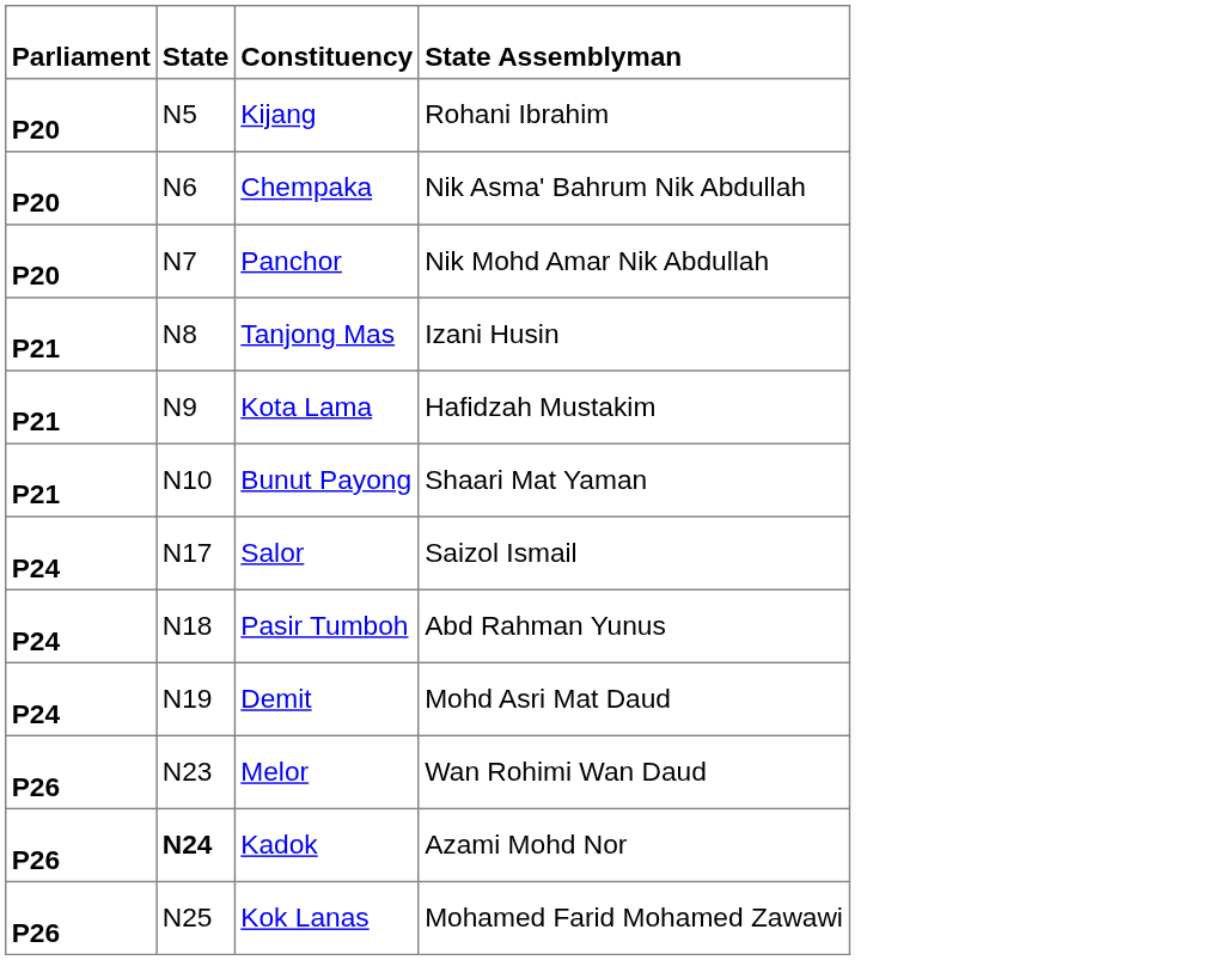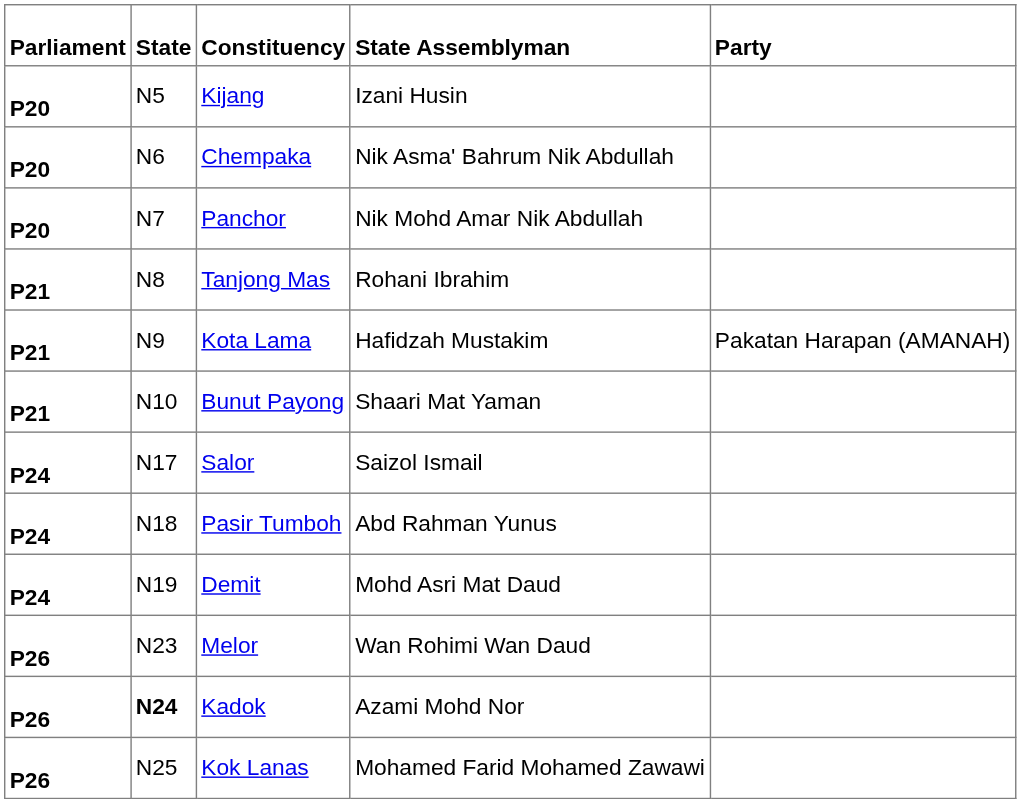 <table class="toccolours sortable" border="1" cellpadding="3" style="border-collapse:collapse; text-align: left;">
 <tr>
 <th style="text-align:center;"><br>Parliament</th>
 <th><br>State</th>
 <th><br>Constituency</th>
 <th><br>State Assemblyman</th>
+<th><br>Party</th>
 </tr>
 <tr>
 <th style="text-align:left;"><br>P20</th>
 <td>N5</td>
 <td><a href='#'>Kijang</a></td>
-<td>Rohani Ibrahim</td>
+<td>Izani Husin</td>
+<td></td>
 </tr>
 <tr>
 <th style="text-align:left;"><br>P20</th>
 <td>N6</td>
 <td><a href='#'>Chempaka</a></td>
 <td>Nik Asma' Bahrum Nik Abdullah</td>
+<td></td>
 </tr>
 <tr>
 <th style="text-align:left;"><br>P20</th>
 <td>N7</td>
 <td><a href='#'>Panchor</a></td>
 <td>Nik Mohd Amar Nik Abdullah</td>
+<td></td>
 </tr>
 <tr>
 <th style="text-align:left;"><br>P21</th>
 <td>N8</td>
 <td><a href='#'>Tanjong Mas</a></td>
-<td>Izani Husin</td>
+<td>Rohani Ibrahim</td>
+<td></td>
 </tr>
 <tr>
 <th style="text-align:left;"><br>P21</th>
 <td>N9</td>
 <td><a href='#'>Kota Lama</a></td>
 <td>Hafidzah Mustakim</td>
+<td>Pakatan Harapan (AMANAH)</td>
 </tr>
 <tr>
 <th style="text-align:left;"><br>P21</th>
 <td>N10</td>
 <td><a href='#'>Bunut Payong</a></td>
 <td>Shaari Mat Yaman</td>
+<td></td>
 </tr>
 <tr>
 <th style="text-align:left;"><br>P24</th>
 <td>N17</td>
 <td><a href='#'>Salor</a></td>
 <td>Saizol Ismail</td>
+<td></td>
 </tr>
 <tr>
 <th style="text-align:left;"><br>P24</th>
 <td>N18</td>
 <td><a href='#'>Pasir Tumboh</a></td>
 <td>Abd Rahman Yunus</td>
+<td></td>
 </tr>
 <tr>
 <th style="text-align:left;"><br>P24</th>
 <td>N19</td>
 <td><a href='#'>Demit</a></td>
 <td>Mohd Asri Mat Daud</td>
+<td></td>
 </tr>
 <tr>
 <th style="text-align:left;"><br>P26</th>
 <td>N23</td>
 <td><a href='#'>Melor</a></td>
 <td>Wan Rohimi Wan Daud</td>
+<td></td>
 </tr>
 <tr>
 <th style="text-align:left;"><br>P26</th>
 <td><strong>N24</strong></td>
 <td><a href='#'>Kadok</a></td>
 <td>Azami Mohd Nor</td>
+<td></td>
 </tr>
 <tr>
 <th style="text-align:left;"><br>P26</th>
 <td>N25</td>
 <td><a href='#'>Kok Lanas</a></td>
 <td>Mohamed Farid Mohamed Zawawi</td>
+<td></td>
 </tr>
 </table>
